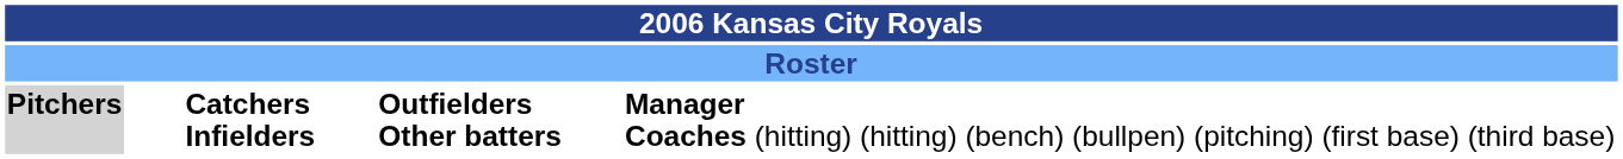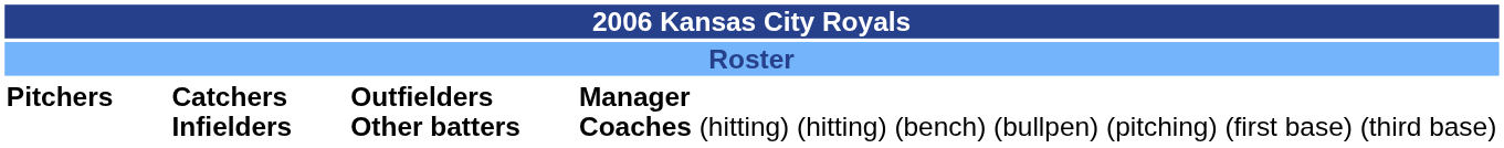 <table class="toccolours" style="font-size: 95%;">
 <tr>
 <th colspan="10" style="background-color: #27408B; color: #FFFFFF; text-align: center;">2006 Kansas City Royals</th>
 </tr>
 <tr>
 <td colspan="10" style="background-color: #74B4FA; color: #27408B; text-align: center;"><strong>Roster</strong></td>
 </tr>
 <tr>
-<td valign="top" style="background: lightgrey;"><strong>Pitchers</strong><br>                              </td>
+<td valign="top"><strong>Pitchers</strong><br>                              </td>
 <td width="25px"></td>
 <td valign="top"><strong>Catchers</strong><br>   <strong>Infielders</strong>           </td>
 <td width="25px"></td>
 <td valign="top"><strong>Outfielders</strong><br>        <strong>Other batters</strong>  </td>
 <td width="25px"></td>
 <td valign="top"><strong>Manager</strong><br> <strong>Coaches</strong>  (hitting)  (hitting)  (bench)  (bullpen)  (pitching)  (first base)  (third base)</td>
 </tr>
 </table>
